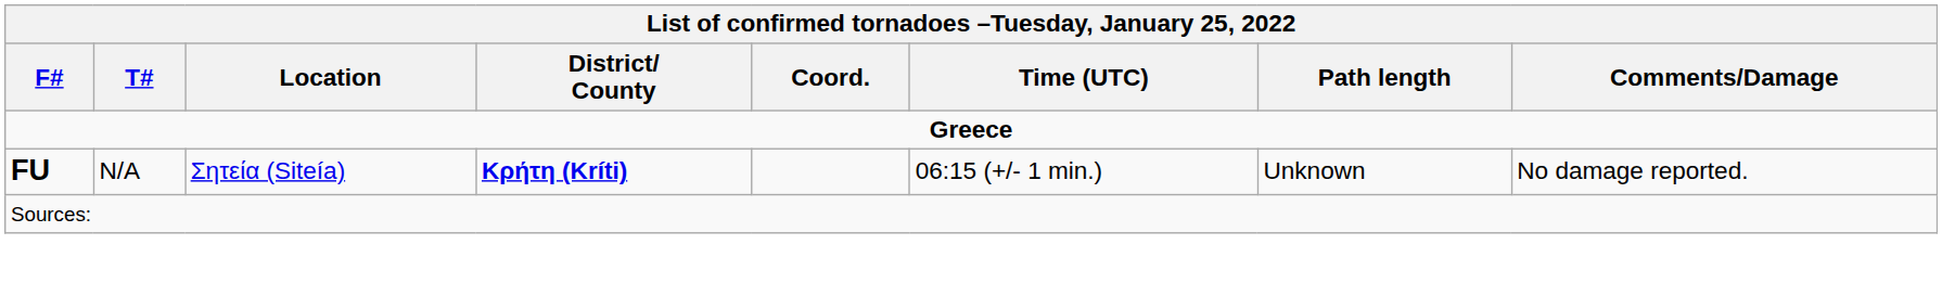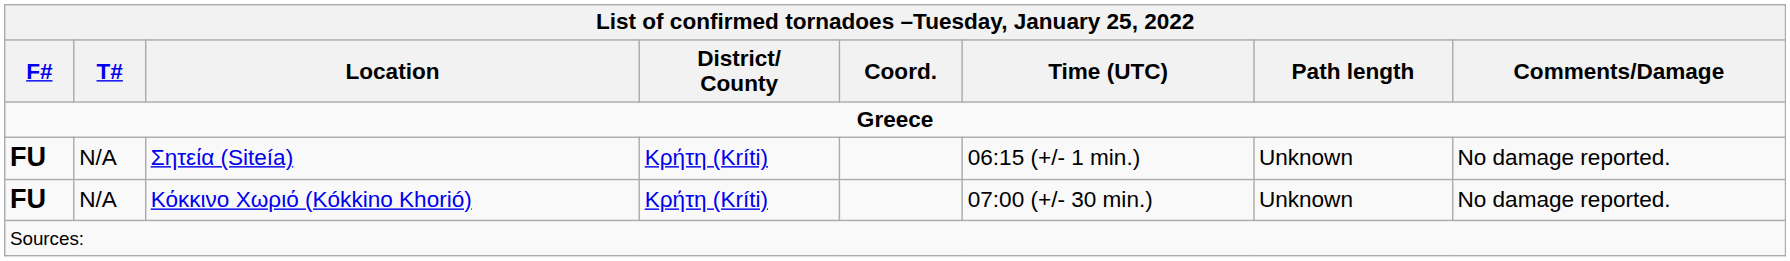 <table class="wikitable collapsible" width="100%">
 <tr>
 <th colspan="8">List of confirmed tornadoes –Tuesday, January 25, 2022</th>
 </tr>
 <tr>
 <th><a href='#'>F#</a></th>
 <th><a href='#'>T#</a></th>
 <th>Location</th>
 <th>District/<br>County</th>
 <th>Coord.</th>
 <th>Time (UTC)</th>
 <th>Path length</th>
 <th>Comments/Damage</th>
 </tr>
 <tr>
 <td colspan="8" align=center><strong>Greece</strong></td>
 </tr>
 <tr>
 <td><big><strong>FU</strong></big></td>
 <td>N/A</td>
 <td><a href='#'>Σητεία (Siteía)</a></td>
-<td><strong><a href='#'>Κρήτη (Kríti)</a></strong></td>
+<td><a href='#'>Κρήτη (Kríti)</a></td>
 <td></td>
 <td>06:15 (+/- 1 min.)</td>
+<td>Unknown</td>
+<td>No damage reported.</td>
+</tr>
+<tr>
+<td><big><strong>FU</strong></big></td>
+<td>N/A</td>
+<td><a href='#'>Κόκκινο Χωριό (Kókkino Khorió)</a></td>
+<td><a href='#'>Κρήτη (Kríti)</a></td>
+<td></td>
+<td>07:00 (+/- 30 min.)</td>
 <td>Unknown</td>
 <td>No damage reported.</td>
 </tr>
 <tr>
 <td colspan="8"><small>Sources:  </small></td>
 </tr>
 </table>
